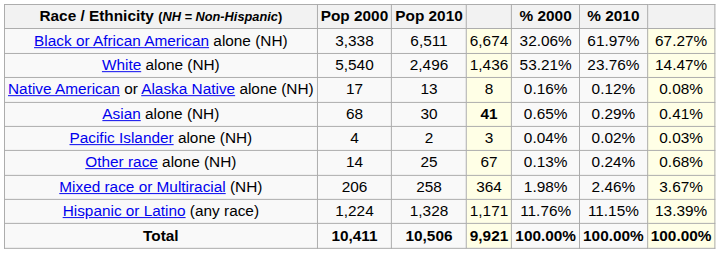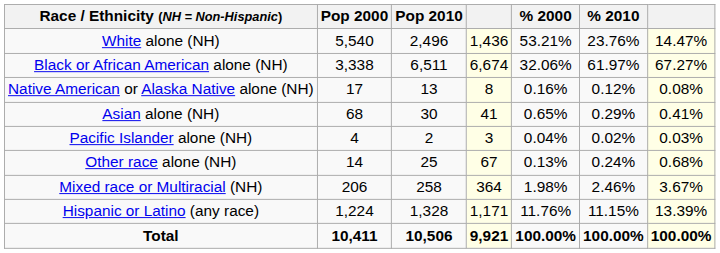 <table class="wikitable" style="text-align:center;">
 <tr>
 <th>Race / Ethnicity <small>(<em>NH = Non-Hispanic</em>)</small></th>
 <th>Pop 2000</th>
 <th>Pop 2010</th>
 <th></th>
 <th>% 2000</th>
 <th>% 2010</th>
 <th></th>
 </tr>
 <tr>
+<td><a href='#'>White</a> alone (NH)</td>
+<td>5,540</td>
+<td>2,496</td>
+<td style='background: #ffffe6;'>1,436</td>
+<td>53.21%</td>
+<td>23.76%</td>
+<td style='background: #ffffe6;'>14.47%</td>
+</tr>
+<tr>
 <td><a href='#'>Black or African American</a> alone (NH)</td>
 <td>3,338</td>
 <td>6,511</td>
 <td style='background: #ffffe6;'>6,674</td>
 <td>32.06%</td>
 <td>61.97%</td>
 <td style='background: #ffffe6;'>67.27%</td>
-</tr>
-<tr>
-<td><a href='#'>White</a> alone (NH)</td>
-<td>5,540</td>
-<td>2,496</td>
-<td style='background: #ffffe6;'>1,436</td>
-<td>53.21%</td>
-<td>23.76%</td>
-<td style='background: #ffffe6;'>14.47%</td>
 </tr>
 <tr>
 <td><a href='#'>Native American</a> or <a href='#'>Alaska Native</a> alone (NH)</td>
 <td>17</td>
 <td>13</td>
 <td style='background: #ffffe6;'>8</td>
 <td>0.16%</td>
 <td>0.12%</td>
 <td style='background: #ffffe6;'>0.08%</td>
 </tr>
 <tr>
 <td><a href='#'>Asian</a> alone (NH)</td>
 <td>68</td>
 <td>30</td>
-<td style='background: #ffffe6;'><strong>41</strong></td>
+<td style='background: #ffffe6;'>41</td>
 <td>0.65%</td>
 <td>0.29%</td>
 <td style='background: #ffffe6;'>0.41%</td>
 </tr>
 <tr>
 <td><a href='#'>Pacific Islander</a> alone (NH)</td>
 <td>4</td>
 <td>2</td>
 <td style='background: #ffffe6;'>3</td>
 <td>0.04%</td>
 <td>0.02%</td>
 <td style='background: #ffffe6;'>0.03%</td>
 </tr>
 <tr>
 <td><a href='#'>Other race</a> alone (NH)</td>
 <td>14</td>
 <td>25</td>
 <td style='background: #ffffe6;'>67</td>
 <td>0.13%</td>
 <td>0.24%</td>
 <td style='background: #ffffe6;'>0.68%</td>
 </tr>
 <tr>
 <td><a href='#'>Mixed race or Multiracial</a> (NH)</td>
 <td>206</td>
 <td>258</td>
 <td style='background: #ffffe6;'>364</td>
 <td>1.98%</td>
 <td>2.46%</td>
 <td style='background: #ffffe6;'>3.67%</td>
 </tr>
 <tr>
 <td><a href='#'>Hispanic or Latino</a> (any race)</td>
 <td>1,224</td>
 <td>1,328</td>
 <td style='background: #ffffe6;'>1,171</td>
 <td>11.76%</td>
 <td>11.15%</td>
 <td style='background: #ffffe6;'>13.39%</td>
 </tr>
 <tr>
 <td><strong>Total</strong></td>
 <td><strong>10,411</strong></td>
 <td><strong>10,506</strong></td>
 <td style='background: #ffffe6;'><strong>9,921</strong></td>
 <td><strong>100.00%</strong></td>
 <td><strong>100.00%</strong></td>
 <td style='background: #ffffe6;'><strong>100.00%</strong></td>
 </tr>
 </table>
